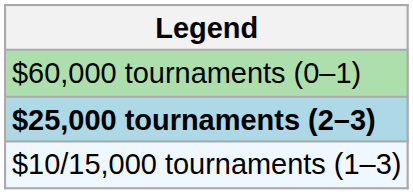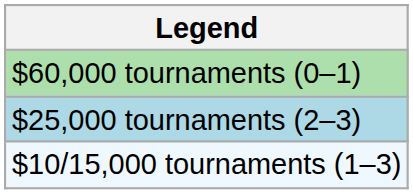 <table class=wikitable style="font-size:85%;">
 <tr>
 <th>Legend</th>
 </tr>
 <tr style="background:#addfad;">
 <td>$60,000 tournaments (0–1)</td>
 </tr>
 <tr style="background:lightblue;">
-<td><strong>$25,000 tournaments (2–3)</strong></td>
+<td>$25,000 tournaments (2–3)</td>
 </tr>
 <tr style="background:#f0f8ff;">
 <td>$10/15,000 tournaments (1–3)</td>
 </tr>
 </table>
